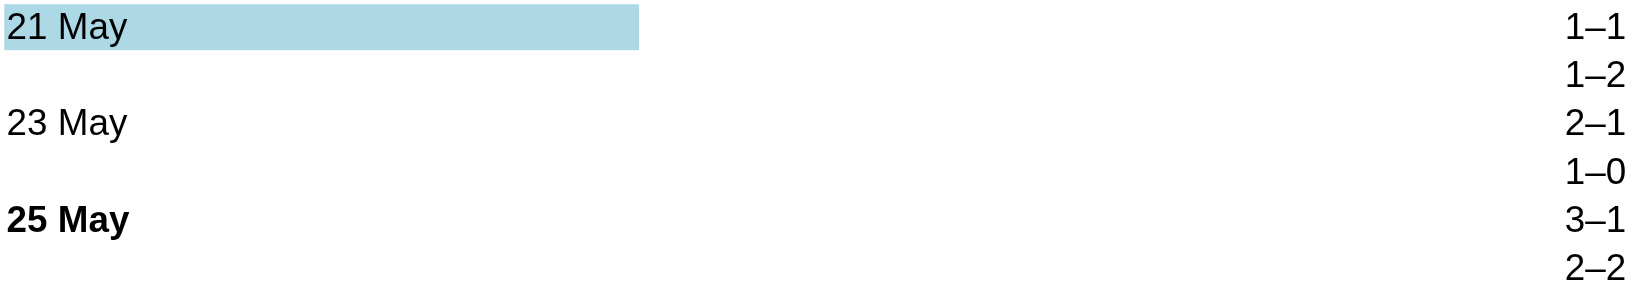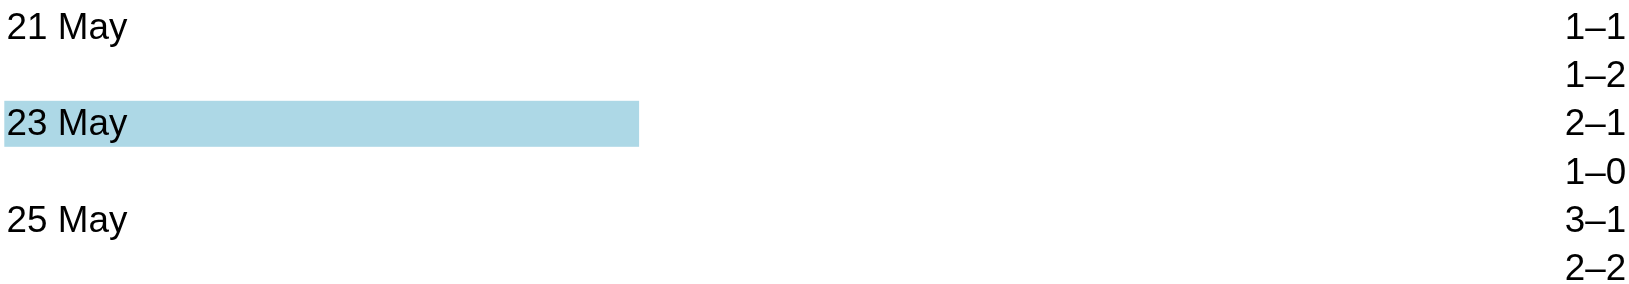 <table cellspacing=1 width=70%>
 <tr>
 <th width=25%></th>
 <th width=30%></th>
 <th width=15%></th>
 <th width=30%></th>
 </tr>
 <tr>
-<td style="background: lightblue;">21 May</td>
+<td>21 May</td>
 <td align=right></td>
 <td align=center>1–1</td>
 <td></td>
 </tr>
 <tr>
 <td></td>
 <td align=right></td>
 <td align=center>1–2</td>
 <td></td>
 </tr>
 <tr>
-<td>23 May</td>
+<td style="background: lightblue;">23 May</td>
 <td align=right></td>
 <td align=center>2–1</td>
 <td></td>
 </tr>
 <tr>
 <td></td>
 <td align=right></td>
 <td align=center>1–0</td>
 <td></td>
 </tr>
 <tr>
-<td><strong>25 May</strong></td>
+<td>25 May</td>
 <td align=right></td>
 <td align=center>3–1</td>
 <td></td>
 </tr>
 <tr>
 <td></td>
 <td align=right></td>
 <td align=center>2–2</td>
 <td></td>
 </tr>
 </table>
